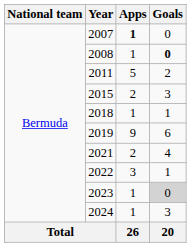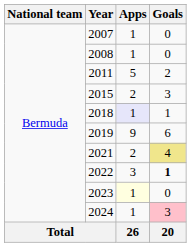 <table class="wikitable" style="text-align:center">
 <tr>
 <th>National team</th>
 <th>Year</th>
 <th>Apps</th>
 <th>Goals</th>
 </tr>
 <tr>
 <td rowspan="10"><a href='#'>Bermuda</a></td>
 <td>2007</td>
-<td><strong>1</strong></td>
+<td>1</td>
 <td>0</td>
 </tr>
 <tr>
 <td>2008</td>
 <td>1</td>
-<td><strong>0</strong></td>
+<td>0</td>
 </tr>
 <tr>
 <td>2011</td>
 <td>5</td>
 <td>2</td>
 </tr>
 <tr>
 <td>2015</td>
 <td>2</td>
 <td>3</td>
 </tr>
 <tr>
 <td>2018</td>
-<td>1</td>
+<td style="background: lavender;">1</td>
 <td>1</td>
 </tr>
 <tr>
 <td>2019</td>
 <td>9</td>
 <td>6</td>
 </tr>
 <tr>
 <td>2021</td>
 <td>2</td>
-<td>4</td>
+<td style="background: khaki;">4</td>
 </tr>
 <tr>
 <td>2022</td>
 <td>3</td>
-<td>1</td>
+<td><strong>1</strong></td>
 </tr>
 <tr>
 <td>2023</td>
-<td>1</td>
-<td style="background: lightgrey;">0</td>
+<td style="background: lightyellow;">1</td>
+<td>0</td>
 </tr>
 <tr>
 <td>2024</td>
 <td>1</td>
-<td>3</td>
+<td style="background: pink;">3</td>
 </tr>
 <tr>
 <th colspan="2">Total</th>
 <th>26</th>
 <th>20</th>
 </tr>
 </table>
